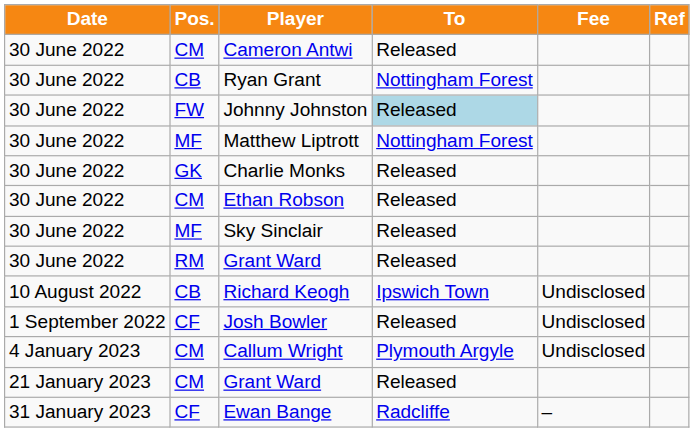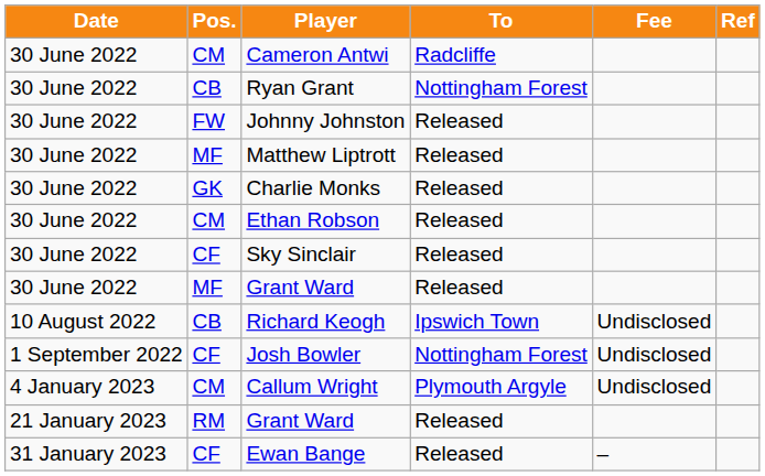 <table class="wikitable plainrowheaders sortable">
 <tr>
 <th style="background:#F68712; color:#FFFFFF; ">Date</th>
 <th style="background:#F68712; color:#FFFFFF; ">Pos.</th>
 <th style="background:#F68712; color:#FFFFFF; ">Player</th>
 <th style="background:#F68712; color:#FFFFFF; ">To</th>
 <th style="background:#F68712; color:#FFFFFF; ">Fee</th>
 <th style="background:#F68712; color:#FFFFFF; ">Ref</th>
 </tr>
 <tr>
 <td>30 June 2022</td>
 <td><a href='#'>CM</a></td>
 <td> <a href='#'>Cameron Antwi</a></td>
-<td>Released</td>
+<td><a href='#'>Radcliffe</a></td>
 <td></td>
 <td></td>
 </tr>
 <tr>
 <td>30 June 2022</td>
 <td><a href='#'>CB</a></td>
 <td> Ryan Grant</td>
 <td><a href='#'>Nottingham Forest</a></td>
 <td></td>
 <td></td>
 </tr>
 <tr>
 <td>30 June 2022</td>
 <td><a href='#'>FW</a></td>
 <td> Johnny Johnston</td>
-<td style="background: lightblue;">Released</td>
+<td>Released</td>
 <td></td>
 <td></td>
 </tr>
 <tr>
 <td>30 June 2022</td>
 <td><a href='#'>MF</a></td>
 <td> Matthew Liptrott</td>
-<td><a href='#'>Nottingham Forest</a></td>
+<td>Released</td>
 <td></td>
 <td></td>
 </tr>
 <tr>
 <td>30 June 2022</td>
 <td><a href='#'>GK</a></td>
 <td> Charlie Monks</td>
 <td>Released</td>
 <td></td>
 <td></td>
 </tr>
 <tr>
 <td>30 June 2022</td>
 <td><a href='#'>CM</a></td>
 <td> <a href='#'>Ethan Robson</a></td>
 <td>Released</td>
 <td></td>
 <td></td>
 </tr>
 <tr>
 <td>30 June 2022</td>
-<td><a href='#'>MF</a></td>
+<td><a href='#'>CF</a></td>
 <td> Sky Sinclair</td>
 <td>Released</td>
 <td></td>
 <td></td>
 </tr>
 <tr>
 <td>30 June 2022</td>
-<td><a href='#'>RM</a></td>
+<td><a href='#'>MF</a></td>
 <td> <a href='#'>Grant Ward</a></td>
 <td>Released</td>
 <td></td>
 <td></td>
 </tr>
 <tr>
 <td>10 August 2022</td>
 <td><a href='#'>CB</a></td>
 <td> <a href='#'>Richard Keogh</a></td>
 <td><a href='#'>Ipswich Town</a></td>
 <td>Undisclosed</td>
 <td></td>
 </tr>
 <tr>
 <td>1 September 2022</td>
 <td><a href='#'>CF</a></td>
 <td> <a href='#'>Josh Bowler</a></td>
-<td>Released</td>
+<td><a href='#'>Nottingham Forest</a></td>
 <td>Undisclosed</td>
 <td></td>
 </tr>
 <tr>
 <td>4 January 2023</td>
 <td><a href='#'>CM</a></td>
 <td> <a href='#'>Callum Wright</a></td>
 <td><a href='#'>Plymouth Argyle</a></td>
 <td>Undisclosed</td>
 <td></td>
 </tr>
 <tr>
 <td>21 January 2023</td>
-<td><a href='#'>CM</a></td>
+<td><a href='#'>RM</a></td>
 <td> <a href='#'>Grant Ward</a></td>
 <td>Released</td>
 <td></td>
 <td></td>
 </tr>
 <tr>
 <td>31 January 2023</td>
 <td><a href='#'>CF</a></td>
 <td> <a href='#'>Ewan Bange</a></td>
-<td><a href='#'>Radcliffe</a></td>
+<td>Released</td>
 <td>–</td>
 <td></td>
 </tr>
 </table>
